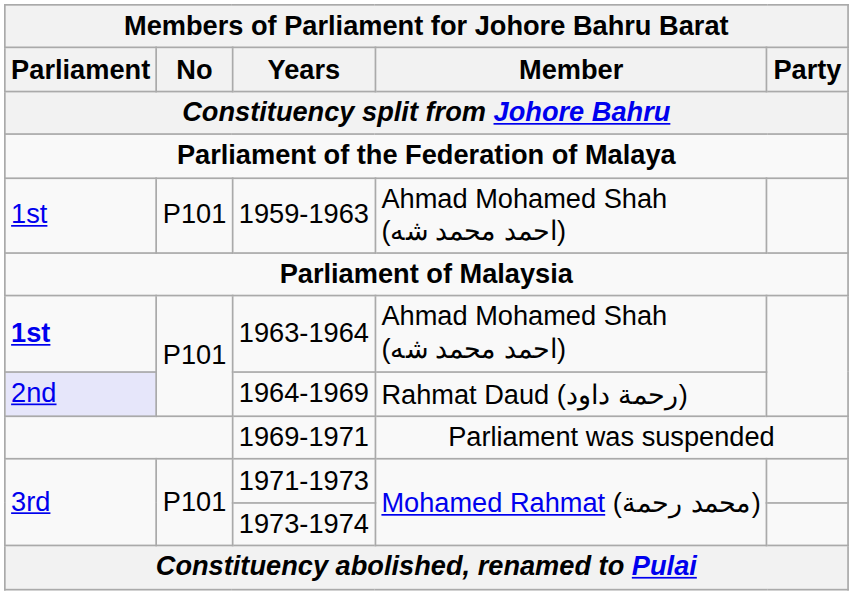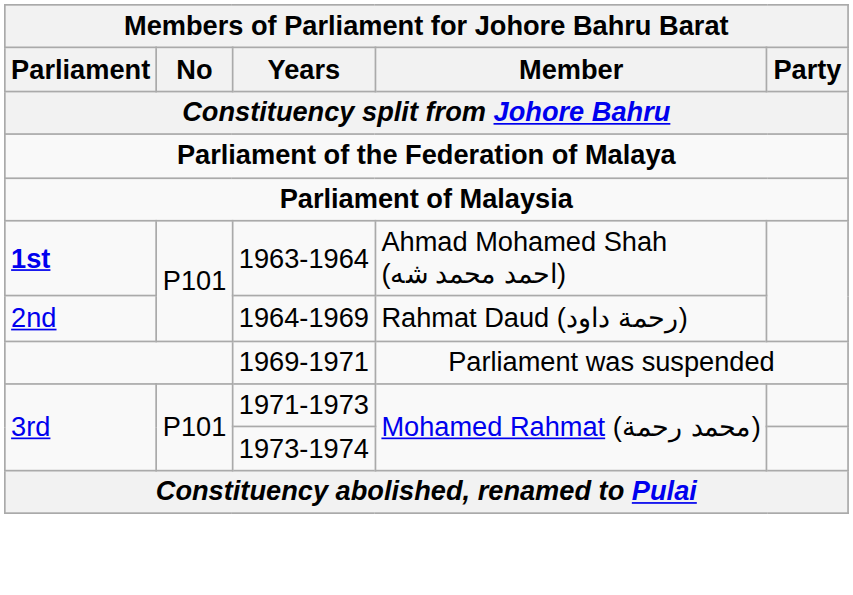 <table class=wikitable>
 <tr>
 <th colspan="5">Members of Parliament for Johore Bahru Barat</th>
 </tr>
 <tr>
 <th>Parliament</th>
 <th>No</th>
 <th>Years</th>
 <th>Member</th>
 <th>Party</th>
 </tr>
 <tr>
 <th colspan="5" align="center"><em>Constituency split from <a href='#'>Johore Bahru</a></em></th>
 </tr>
 <tr>
 <td colspan="5" align="center"><strong>Parliament of the Federation of Malaya</strong></td>
 </tr>
 <tr>
-<td><a href='#'>1st</a></td>
-<td>P101</td>
-<td>1959-1963</td>
-<td>Ahmad Mohamed Shah <br> (احمد محمد شه)</td>
-<td></td>
-</tr>
-<tr>
 <td colspan="5" align="center"><strong>Parliament of Malaysia</strong></td>
 </tr>
 <tr>
 <td><strong><a href='#'>1st</a></strong></td>
 <td rowspan="2">P101</td>
 <td>1963-1964</td>
 <td>Ahmad Mohamed Shah <br> (احمد محمد شه)</td>
 <td rowspan=2></td>
 </tr>
 <tr>
-<td style="background: lavender;"><a href='#'>2nd</a></td>
+<td><a href='#'>2nd</a></td>
 <td>1964-1969</td>
 <td>Rahmat Daud (رحمة داود)</td>
 </tr>
 <tr>
 <td colspan="2"></td>
 <td>1969-1971</td>
 <td colspan=2 align=center>Parliament was suspended</td>
 </tr>
 <tr>
 <td rowspan=2><a href='#'>3rd</a></td>
 <td rowspan="2">P101</td>
 <td>1971-1973</td>
 <td rowspan=2><a href='#'>Mohamed Rahmat</a> (محمد رحمة)</td>
 <td></td>
 </tr>
 <tr>
 <td>1973-1974</td>
 <td></td>
 </tr>
 <tr>
 <th colspan="5" align="center"><em>Constituency abolished, renamed to <a href='#'>Pulai</a></em></th>
 </tr>
 </table>
